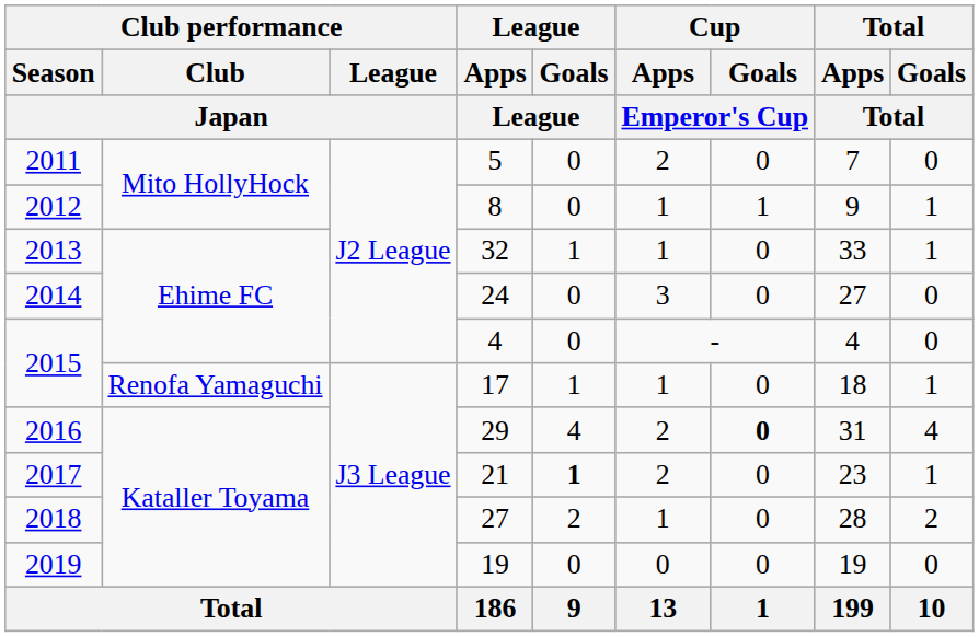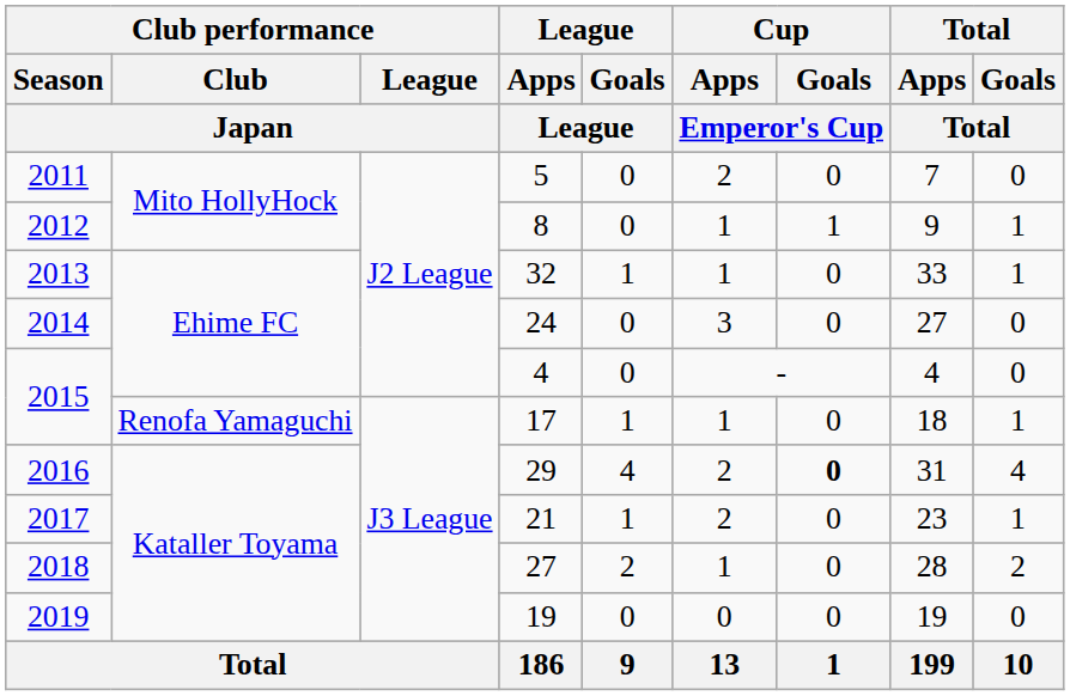 <table class="wikitable" style="text-align:center;">
 <tr>
 <th colspan=3>Club performance</th>
 <th colspan=2>League</th>
 <th colspan=2>Cup</th>
 <th colspan=2>Total</th>
 </tr>
 <tr>
 <th>Season</th>
 <th>Club</th>
 <th>League</th>
 <th>Apps</th>
 <th>Goals</th>
 <th>Apps</th>
 <th>Goals</th>
 <th>Apps</th>
 <th>Goals</th>
 </tr>
 <tr>
 <th colspan=3>Japan</th>
 <th colspan=2>League</th>
 <th colspan=2><a href='#'>Emperor's Cup</a></th>
 <th colspan=2>Total</th>
 </tr>
 <tr>
 <td><a href='#'>2011</a></td>
 <td rowspan="2"><a href='#'>Mito HollyHock</a></td>
 <td rowspan=5><a href='#'>J2 League</a></td>
 <td>5</td>
 <td>0</td>
 <td>2</td>
 <td>0</td>
 <td>7</td>
 <td>0</td>
 </tr>
 <tr>
 <td><a href='#'>2012</a></td>
 <td>8</td>
 <td>0</td>
 <td>1</td>
 <td>1</td>
 <td>9</td>
 <td>1</td>
 </tr>
 <tr>
 <td><a href='#'>2013</a></td>
 <td rowspan=3><a href='#'>Ehime FC</a></td>
 <td>32</td>
 <td>1</td>
 <td>1</td>
 <td>0</td>
 <td>33</td>
 <td>1</td>
 </tr>
 <tr>
 <td><a href='#'>2014</a></td>
 <td>24</td>
 <td>0</td>
 <td>3</td>
 <td>0</td>
 <td>27</td>
 <td>0</td>
 </tr>
 <tr>
 <td rowspan="2"><a href='#'>2015</a></td>
 <td>4</td>
 <td>0</td>
 <td colspan="2">-</td>
 <td>4</td>
 <td>0</td>
 </tr>
 <tr>
 <td><a href='#'>Renofa Yamaguchi</a></td>
 <td rowspan="5"><a href='#'>J3 League</a></td>
 <td>17</td>
 <td>1</td>
 <td>1</td>
 <td>0</td>
 <td>18</td>
 <td>1</td>
 </tr>
 <tr>
 <td><a href='#'>2016</a></td>
 <td rowspan="4"><a href='#'>Kataller Toyama</a></td>
 <td>29</td>
 <td>4</td>
 <td>2</td>
 <td><strong>0</strong></td>
 <td>31</td>
 <td>4</td>
 </tr>
 <tr>
 <td><a href='#'>2017</a></td>
 <td>21</td>
-<td><strong>1</strong></td>
+<td>1</td>
 <td>2</td>
 <td>0</td>
 <td>23</td>
 <td>1</td>
 </tr>
 <tr>
 <td><a href='#'>2018</a></td>
 <td>27</td>
 <td>2</td>
 <td>1</td>
 <td>0</td>
 <td>28</td>
 <td>2</td>
 </tr>
 <tr>
 <td><a href='#'>2019</a></td>
 <td>19</td>
 <td>0</td>
 <td>0</td>
 <td>0</td>
 <td>19</td>
 <td>0</td>
 </tr>
 <tr>
 <th colspan=3>Total</th>
 <th>186</th>
 <th>9</th>
 <th>13</th>
 <th>1</th>
 <th>199</th>
 <th>10</th>
 </tr>
 </table>
